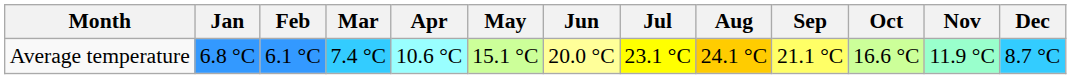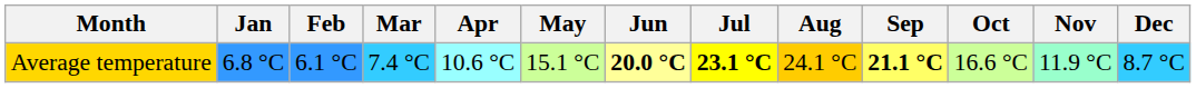 <table class="wikitable">
 <tr>
 <th><strong>Month</strong></th>
 <th><strong>Jan</strong></th>
 <th><strong>Feb</strong></th>
 <th><strong>Mar</strong></th>
 <th><strong>Apr</strong></th>
 <th><strong>May</strong></th>
 <th><strong>Jun</strong></th>
 <th><strong>Jul</strong></th>
 <th><strong>Aug</strong></th>
 <th><strong>Sep</strong></th>
 <th><strong>Oct</strong></th>
 <th><strong>Nov</strong></th>
 <th><strong>Dec</strong></th>
 </tr>
 <tr>
-<td>Average temperature</td>
+<td style="background: gold;">Average temperature</td>
 <td style="background: #3399FF; color: black;">6.8 °C</td>
 <td style="background: #3399FF; color: black;">6.1 °C</td>
 <td style="background: #33CCFF; color: black;">7.4 °C</td>
 <td style="background: #99FFFF; color: black;">10.6 °C</td>
 <td style="background: #CCFF99; color: black;">15.1 °C</td>
-<td style="background: #FFFF99; color: black;">20.0 °C</td>
-<td style="background: #FFFF00; color: black;">23.1 °C</td>
+<td style="background: #FFFF99; color: black;"><strong>20.0 °C</strong></td>
+<td style="background: #FFFF00; color: black;"><strong>23.1 °C</strong></td>
 <td style="background: #FFCC00; color: black;">24.1 °C</td>
-<td style="background: #FFFF66; color: black;">21.1 °C</td>
+<td style="background: #FFFF66; color: black;"><strong>21.1 °C</strong></td>
 <td style="background: #CCFF99; color: black;">16.6 °C</td>
 <td style="background: #99FFCC; color: black;">11.9 °C</td>
 <td style="background: #33CCFF; color: black;">8.7 °C</td>
 </tr>
 </table>
